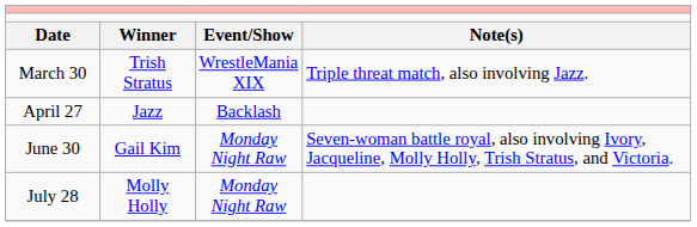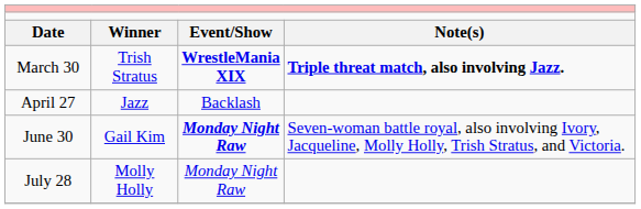 <table class="wikitable" style="text-align:center; width:100%;">
 <tr style="background:#FBB;">
 <td colspan="5"></td>
 </tr>
 <tr>
 <td colspan="5"><strong></strong></td>
 </tr>
 <tr>
 <th width=14%>Date</th>
 <th width=14%>Winner</th>
 <th width=14%>Event/Show</th>
 <th width=58%>Note(s)</th>
 </tr>
 <tr>
 <td>March 30</td>
 <td><a href='#'>Trish Stratus</a></td>
-<td><a href='#'>WrestleMania XIX</a></td>
-<td align=left><a href='#'>Triple threat match</a>, also involving <a href='#'>Jazz</a>.</td>
+<td><strong><a href='#'>WrestleMania XIX</a></strong></td>
+<td align=left><strong><a href='#'>Triple threat match</a>, also involving <a href='#'>Jazz</a>.</strong></td>
 </tr>
 <tr>
 <td>April 27</td>
 <td><a href='#'>Jazz</a></td>
 <td><a href='#'>Backlash</a></td>
 <td></td>
 </tr>
 <tr>
 <td>June 30</td>
 <td><a href='#'>Gail Kim</a></td>
-<td><em><a href='#'>Monday Night Raw</a></em></td>
+<td><strong><em><a href='#'>Monday Night Raw</a></em></strong></td>
 <td align=left><a href='#'>Seven-woman battle royal</a>, also involving <a href='#'>Ivory</a>, <a href='#'>Jacqueline</a>, <a href='#'>Molly Holly</a>, <a href='#'>Trish Stratus</a>, and <a href='#'>Victoria</a>.</td>
 </tr>
 <tr>
 <td>July 28</td>
 <td><a href='#'>Molly Holly</a></td>
 <td><em><a href='#'>Monday Night Raw</a></em></td>
 <td></td>
 </tr>
 <tr>
 </tr>
 </table>
